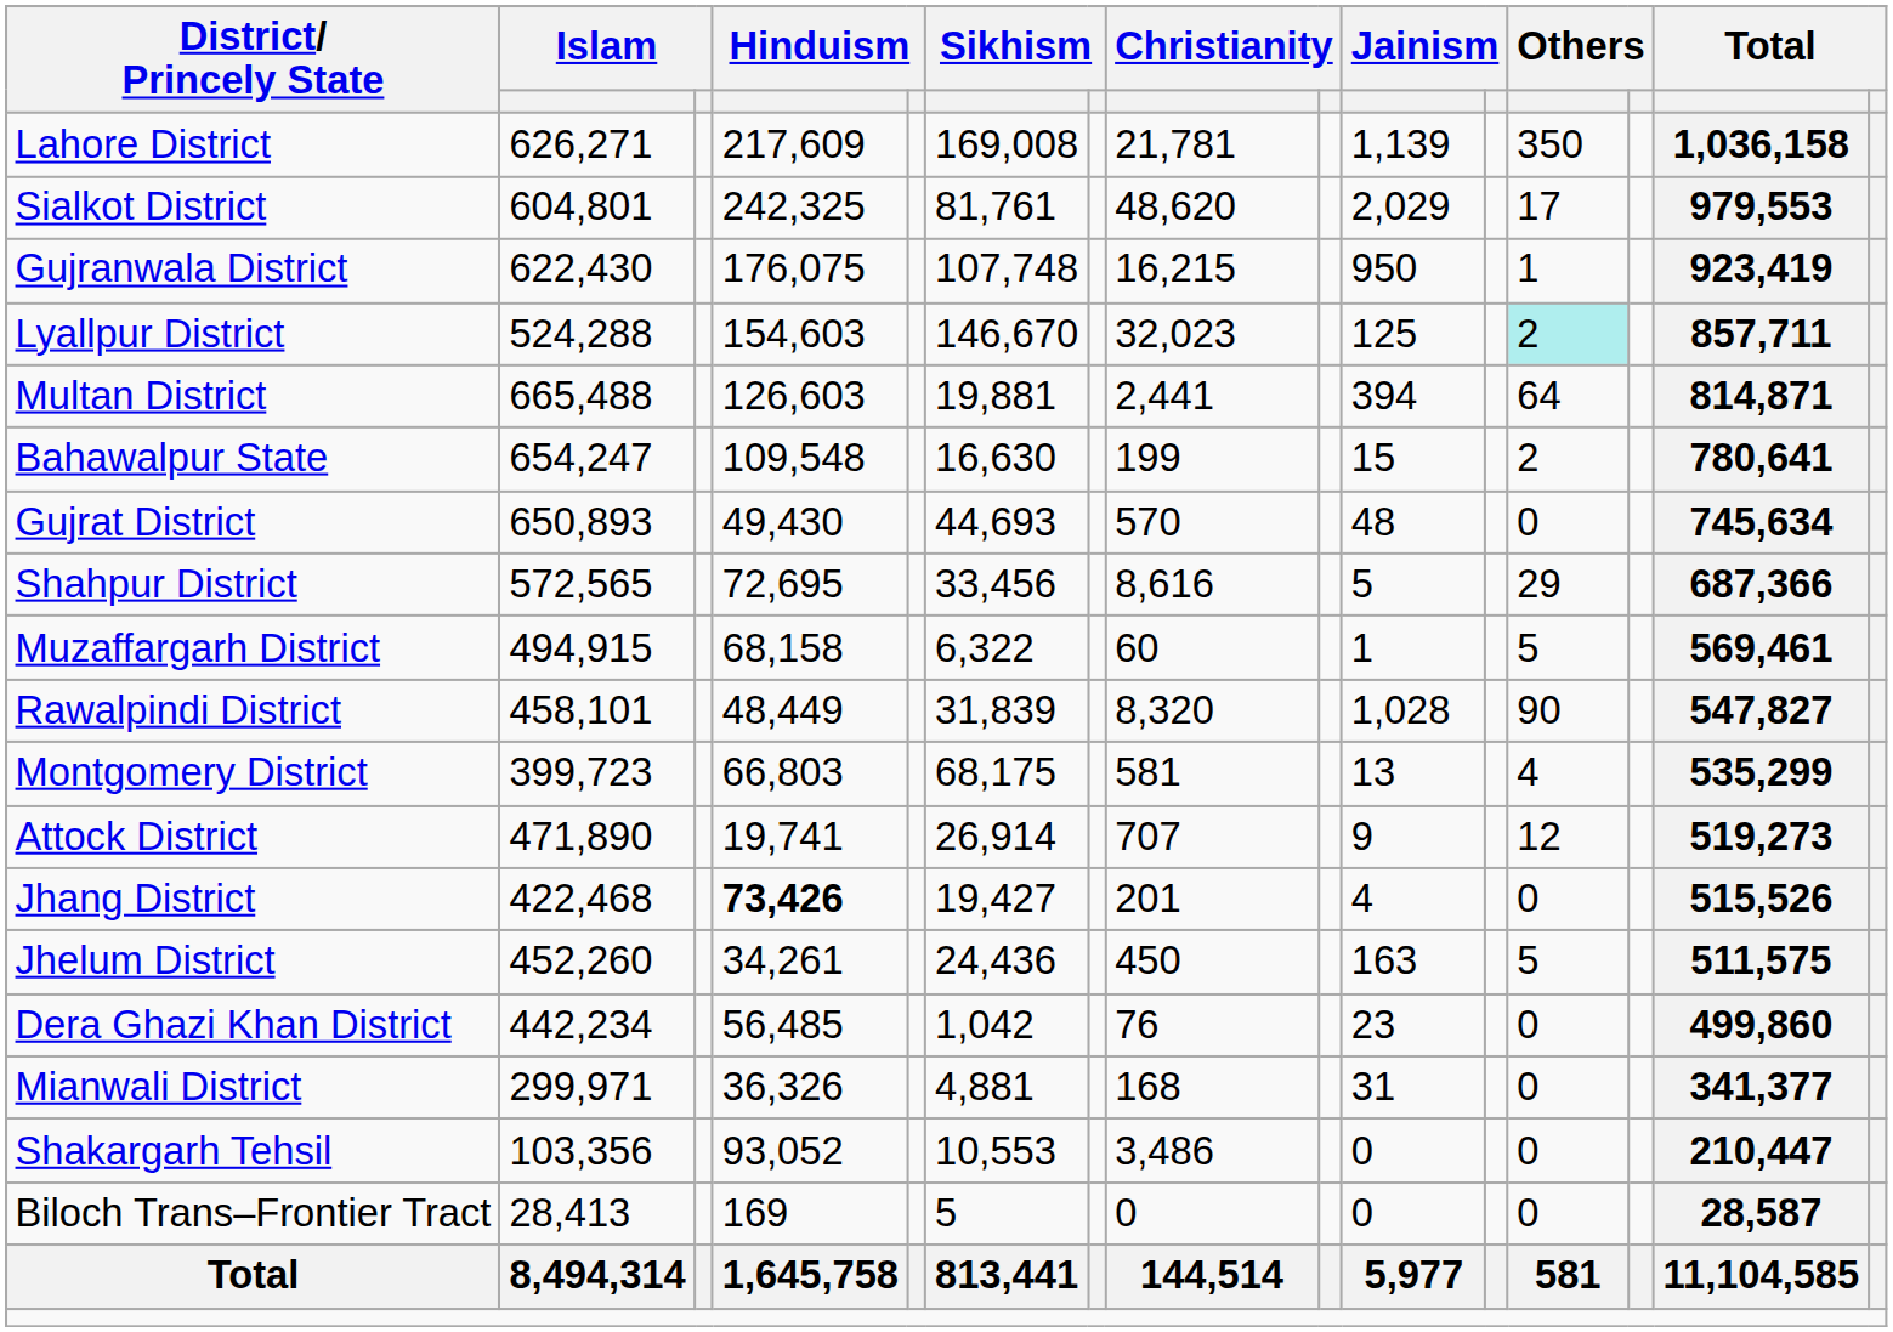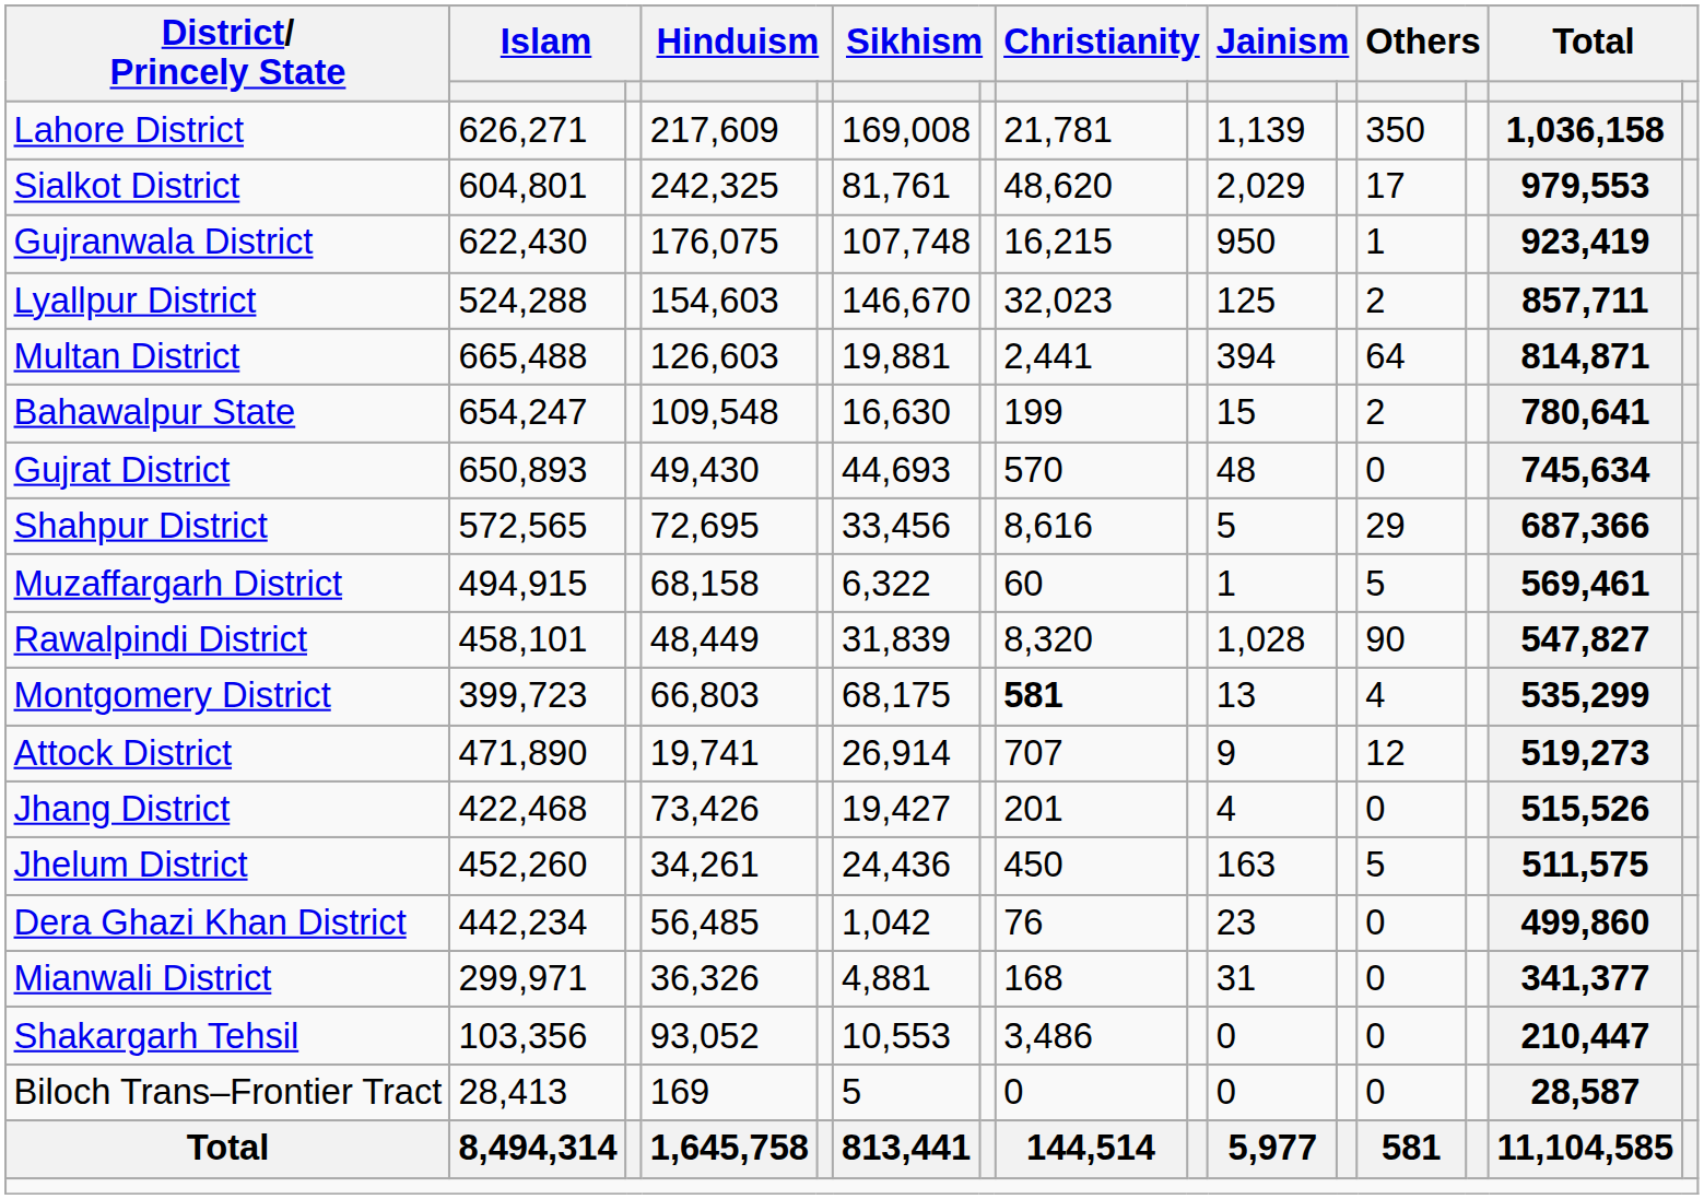 <table class="wikitable sortable">
 <tr>
 <th rowspan="2"><a href='#'>District</a>/<br><a href='#'>Princely State</a></th>
 <th colspan="2"><a href='#'>Islam</a> </th>
 <th colspan="2"><a href='#'>Hinduism</a> </th>
 <th colspan="2"><a href='#'>Sikhism</a> </th>
 <th colspan="2"><a href='#'>Christianity</a> </th>
 <th colspan="2"><a href='#'>Jainism</a> </th>
 <th colspan="2">Others</th>
 <th colspan="2">Total</th>
 </tr>
 <tr>
 <th><a href='#'></a></th>
 <th></th>
 <th></th>
 <th></th>
 <th></th>
 <th></th>
 <th></th>
 <th></th>
 <th></th>
 <th></th>
 <th></th>
 <th></th>
 <th></th>
 <th></th>
 </tr>
 <tr>
 <td><a href='#'>Lahore District</a></td>
 <td>626,271</td>
 <td></td>
 <td>217,609</td>
 <td></td>
 <td>169,008</td>
 <td></td>
 <td>21,781</td>
 <td></td>
 <td>1,139</td>
 <td></td>
 <td>350</td>
 <td></td>
 <th>1,036,158</th>
 <th></th>
 </tr>
 <tr>
 <td><a href='#'>Sialkot District</a></td>
 <td>604,801</td>
 <td></td>
 <td>242,325</td>
 <td></td>
 <td>81,761</td>
 <td></td>
 <td>48,620</td>
 <td></td>
 <td>2,029</td>
 <td></td>
 <td>17</td>
 <td></td>
 <th>979,553</th>
 <th></th>
 </tr>
 <tr>
 <td><a href='#'>Gujranwala District</a></td>
 <td>622,430</td>
 <td></td>
 <td>176,075</td>
 <td></td>
 <td>107,748</td>
 <td></td>
 <td>16,215</td>
 <td></td>
 <td>950</td>
 <td></td>
 <td>1</td>
 <td></td>
 <th>923,419</th>
 <th></th>
 </tr>
 <tr>
 <td><a href='#'>Lyallpur District</a></td>
 <td>524,288</td>
 <td></td>
 <td>154,603</td>
 <td></td>
 <td>146,670</td>
 <td></td>
 <td>32,023</td>
 <td></td>
 <td>125</td>
 <td></td>
-<td style="background: paleturquoise;">2</td>
+<td>2</td>
 <td></td>
 <th>857,711</th>
 <th></th>
 </tr>
 <tr>
 <td><a href='#'>Multan District</a></td>
 <td>665,488</td>
 <td></td>
 <td>126,603</td>
 <td></td>
 <td>19,881</td>
 <td></td>
 <td>2,441</td>
 <td></td>
 <td>394</td>
 <td></td>
 <td>64</td>
 <td></td>
 <th>814,871</th>
 <th></th>
 </tr>
 <tr>
 <td><a href='#'>Bahawalpur State</a></td>
 <td>654,247</td>
 <td></td>
 <td>109,548</td>
 <td></td>
 <td>16,630</td>
 <td></td>
 <td>199</td>
 <td></td>
 <td>15</td>
 <td></td>
 <td>2</td>
 <td></td>
 <th>780,641</th>
 <th></th>
 </tr>
 <tr>
 <td><a href='#'>Gujrat District</a></td>
 <td>650,893</td>
 <td></td>
 <td>49,430</td>
 <td></td>
 <td>44,693</td>
 <td></td>
 <td>570</td>
 <td></td>
 <td>48</td>
 <td></td>
 <td>0</td>
 <td></td>
 <th>745,634</th>
 <th></th>
 </tr>
 <tr>
 <td><a href='#'>Shahpur District</a></td>
 <td>572,565</td>
 <td></td>
 <td>72,695</td>
 <td></td>
 <td>33,456</td>
 <td></td>
 <td>8,616</td>
 <td></td>
 <td>5</td>
 <td></td>
 <td>29</td>
 <td></td>
 <th>687,366</th>
 <th></th>
 </tr>
 <tr>
 <td><a href='#'>Muzaffargarh District</a></td>
 <td>494,915</td>
 <td></td>
 <td>68,158</td>
 <td></td>
 <td>6,322</td>
 <td></td>
 <td>60</td>
 <td></td>
 <td>1</td>
 <td></td>
 <td>5</td>
 <td></td>
 <th>569,461</th>
 <th></th>
 </tr>
 <tr>
 <td><a href='#'>Rawalpindi District</a></td>
 <td>458,101</td>
 <td></td>
 <td>48,449</td>
 <td></td>
 <td>31,839</td>
 <td></td>
 <td>8,320</td>
 <td></td>
 <td>1,028</td>
 <td></td>
 <td>90</td>
 <td></td>
 <th>547,827</th>
 <th></th>
 </tr>
 <tr>
 <td><a href='#'>Montgomery District</a></td>
 <td>399,723</td>
 <td></td>
 <td>66,803</td>
 <td></td>
 <td>68,175</td>
 <td></td>
-<td>581</td>
+<td><strong>581</strong></td>
 <td></td>
 <td>13</td>
 <td></td>
 <td>4</td>
 <td></td>
 <th>535,299</th>
 <th></th>
 </tr>
 <tr>
 <td><a href='#'>Attock District</a></td>
 <td>471,890</td>
 <td></td>
 <td>19,741</td>
 <td></td>
 <td>26,914</td>
 <td></td>
 <td>707</td>
 <td></td>
 <td>9</td>
 <td></td>
 <td>12</td>
 <td></td>
 <th>519,273</th>
 <th></th>
 </tr>
 <tr>
 <td><a href='#'>Jhang District</a></td>
 <td>422,468</td>
 <td></td>
-<td><strong>73,426</strong></td>
+<td>73,426</td>
 <td></td>
 <td>19,427</td>
 <td></td>
 <td>201</td>
 <td></td>
 <td>4</td>
 <td></td>
 <td>0</td>
 <td></td>
 <th>515,526</th>
 <th></th>
 </tr>
 <tr>
 <td><a href='#'>Jhelum District</a></td>
 <td>452,260</td>
 <td></td>
 <td>34,261</td>
 <td></td>
 <td>24,436</td>
 <td></td>
 <td>450</td>
 <td></td>
 <td>163</td>
 <td></td>
 <td>5</td>
 <td></td>
 <th>511,575</th>
 <th></th>
 </tr>
 <tr>
 <td><a href='#'>Dera Ghazi Khan District</a></td>
 <td>442,234</td>
 <td></td>
 <td>56,485</td>
 <td></td>
 <td>1,042</td>
 <td></td>
 <td>76</td>
 <td></td>
 <td>23</td>
 <td></td>
 <td>0</td>
 <td></td>
 <th>499,860</th>
 <th></th>
 </tr>
 <tr>
 <td><a href='#'>Mianwali District</a></td>
 <td>299,971</td>
 <td></td>
 <td>36,326</td>
 <td></td>
 <td>4,881</td>
 <td></td>
 <td>168</td>
 <td></td>
 <td>31</td>
 <td></td>
 <td>0</td>
 <td></td>
 <th>341,377</th>
 <th></th>
 </tr>
 <tr>
 <td><a href='#'>Shakargarh Tehsil</a></td>
 <td>103,356</td>
 <td></td>
 <td>93,052</td>
 <td></td>
 <td>10,553</td>
 <td></td>
 <td>3,486</td>
 <td></td>
 <td>0</td>
 <td></td>
 <td>0</td>
 <td></td>
 <th>210,447</th>
 <th></th>
 </tr>
 <tr>
 <td>Biloch Trans–Frontier Tract</td>
 <td>28,413</td>
 <td></td>
 <td>169</td>
 <td></td>
 <td>5</td>
 <td></td>
 <td>0</td>
 <td></td>
 <td>0</td>
 <td></td>
 <td>0</td>
 <td></td>
 <th>28,587</th>
 <th></th>
 </tr>
 <tr>
 <th>Total</th>
 <th>8,494,314</th>
 <th></th>
 <th>1,645,758</th>
 <th></th>
 <th>813,441</th>
 <th></th>
 <th>144,514</th>
 <th></th>
 <th>5,977</th>
 <th></th>
 <th>581</th>
 <th></th>
 <th>11,104,585</th>
 <th></th>
 </tr>
 <tr class="sortbottom">
 <td colspan="15"></td>
 </tr>
 </table>
